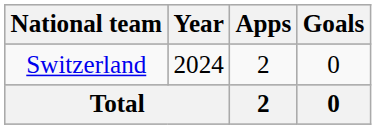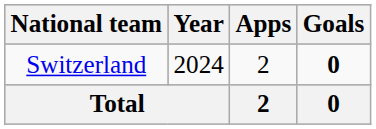 <table class=wikitable style=text-align:center>
 <tr>
 <th>National team</th>
 <th>Year</th>
 <th>Apps</th>
 <th>Goals</th>
 </tr>
 <tr>
 <td><a href='#'>Switzerland</a></td>
 <td>2024</td>
 <td>2</td>
-<td>0</td>
+<td><strong>0</strong></td>
 </tr>
 <tr>
 <th colspan="2">Total</th>
 <th>2</th>
 <th>0</th>
 </tr>
 </table>
